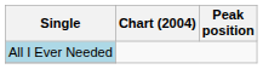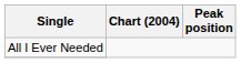 <table class="wikitable">
 <tr>
 <th>Single</th>
 <th>Chart (2004)</th>
 <th>Peak<br>position</th>
 </tr>
 <tr>
-<td style="background: lightblue;">All I Ever Needed<br></td>
+<td>All I Ever Needed<br></td>
 </tr>
 <tr>
 </tr>
 </table>
